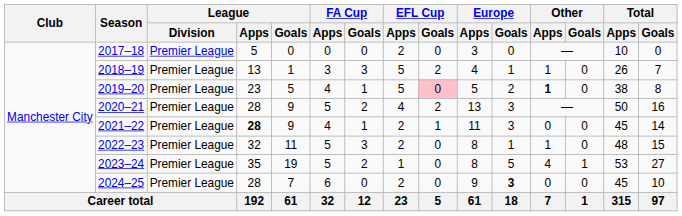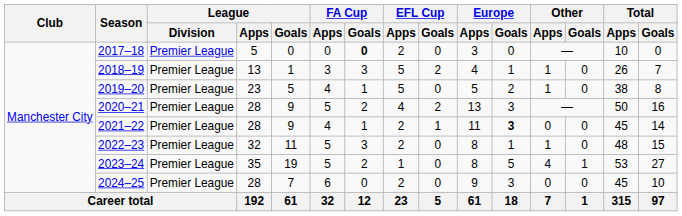 <table class="wikitable" style="text-align: center;">
 <tr>
 <th rowspan="2">Club</th>
 <th rowspan="2">Season</th>
 <th colspan="3">League</th>
 <th colspan="2"><a href='#'>FA Cup</a></th>
 <th colspan="2"><a href='#'>EFL Cup</a></th>
 <th colspan="2"><a href='#'>Europe</a></th>
 <th colspan="2">Other</th>
 <th colspan="2">Total</th>
 </tr>
 <tr>
 <th>Division</th>
 <th>Apps</th>
 <th>Goals</th>
 <th>Apps</th>
 <th>Goals</th>
 <th>Apps</th>
 <th>Goals</th>
 <th>Apps</th>
 <th>Goals</th>
 <th>Apps</th>
 <th>Goals</th>
 <th>Apps</th>
 <th>Goals</th>
 </tr>
 <tr>
 <td rowspan="8"><a href='#'>Manchester City</a></td>
 <td><a href='#'>2017–18</a></td>
 <td><a href='#'>Premier League</a></td>
 <td>5</td>
 <td>0</td>
 <td>0</td>
-<td>0</td>
+<td><strong>0</strong></td>
 <td>2</td>
 <td>0</td>
 <td>3</td>
 <td>0</td>
 <td colspan="2">—</td>
 <td>10</td>
 <td>0</td>
 </tr>
 <tr>
 <td><a href='#'>2018–19</a></td>
 <td>Premier League</td>
 <td>13</td>
 <td>1</td>
 <td>3</td>
 <td>3</td>
 <td>5</td>
 <td>2</td>
 <td>4</td>
 <td>1</td>
 <td>1</td>
 <td>0</td>
 <td>26</td>
 <td>7</td>
 </tr>
 <tr>
 <td><a href='#'>2019–20</a></td>
 <td>Premier League</td>
 <td>23</td>
 <td>5</td>
 <td>4</td>
 <td>1</td>
 <td>5</td>
-<td style="background: pink;">0</td>
+<td>0</td>
 <td>5</td>
 <td>2</td>
-<td><strong>1</strong></td>
+<td>1</td>
 <td>0</td>
 <td>38</td>
 <td>8</td>
 </tr>
 <tr>
 <td><a href='#'>2020–21</a></td>
 <td>Premier League</td>
 <td>28</td>
 <td>9</td>
 <td>5</td>
 <td>2</td>
 <td>4</td>
 <td>2</td>
 <td>13</td>
 <td>3</td>
 <td colspan="2">—</td>
 <td>50</td>
 <td>16</td>
 </tr>
 <tr>
 <td><a href='#'>2021–22</a></td>
 <td>Premier League</td>
-<td><strong>28</strong></td>
+<td>28</td>
 <td>9</td>
 <td>4</td>
 <td>1</td>
 <td>2</td>
 <td>1</td>
 <td>11</td>
-<td>3</td>
+<td><strong>3</strong></td>
 <td>0</td>
 <td>0</td>
 <td>45</td>
 <td>14</td>
 </tr>
 <tr>
 <td><a href='#'>2022–23</a></td>
 <td>Premier League</td>
 <td>32</td>
 <td>11</td>
 <td>5</td>
 <td>3</td>
 <td>2</td>
 <td>0</td>
 <td>8</td>
 <td>1</td>
 <td>1</td>
 <td>0</td>
 <td>48</td>
 <td>15</td>
 </tr>
 <tr>
 <td><a href='#'>2023–24</a></td>
 <td>Premier League</td>
 <td>35</td>
 <td>19</td>
 <td>5</td>
 <td>2</td>
 <td>1</td>
 <td>0</td>
 <td>8</td>
 <td>5</td>
 <td>4</td>
 <td>1</td>
 <td>53</td>
 <td>27</td>
 </tr>
 <tr>
 <td><a href='#'>2024–25</a></td>
 <td>Premier League</td>
 <td>28</td>
 <td>7</td>
 <td>6</td>
 <td>0</td>
 <td>2</td>
 <td>0</td>
 <td>9</td>
-<td><strong>3</strong></td>
+<td>3</td>
 <td>0</td>
 <td>0</td>
 <td>45</td>
 <td>10</td>
 </tr>
 <tr>
 <th colspan="3">Career total</th>
 <th>192</th>
 <th>61</th>
 <th>32</th>
 <th>12</th>
 <th>23</th>
 <th>5</th>
 <th>61</th>
 <th>18</th>
 <th>7</th>
 <th>1</th>
 <th>315</th>
 <th>97</th>
 </tr>
 </table>
